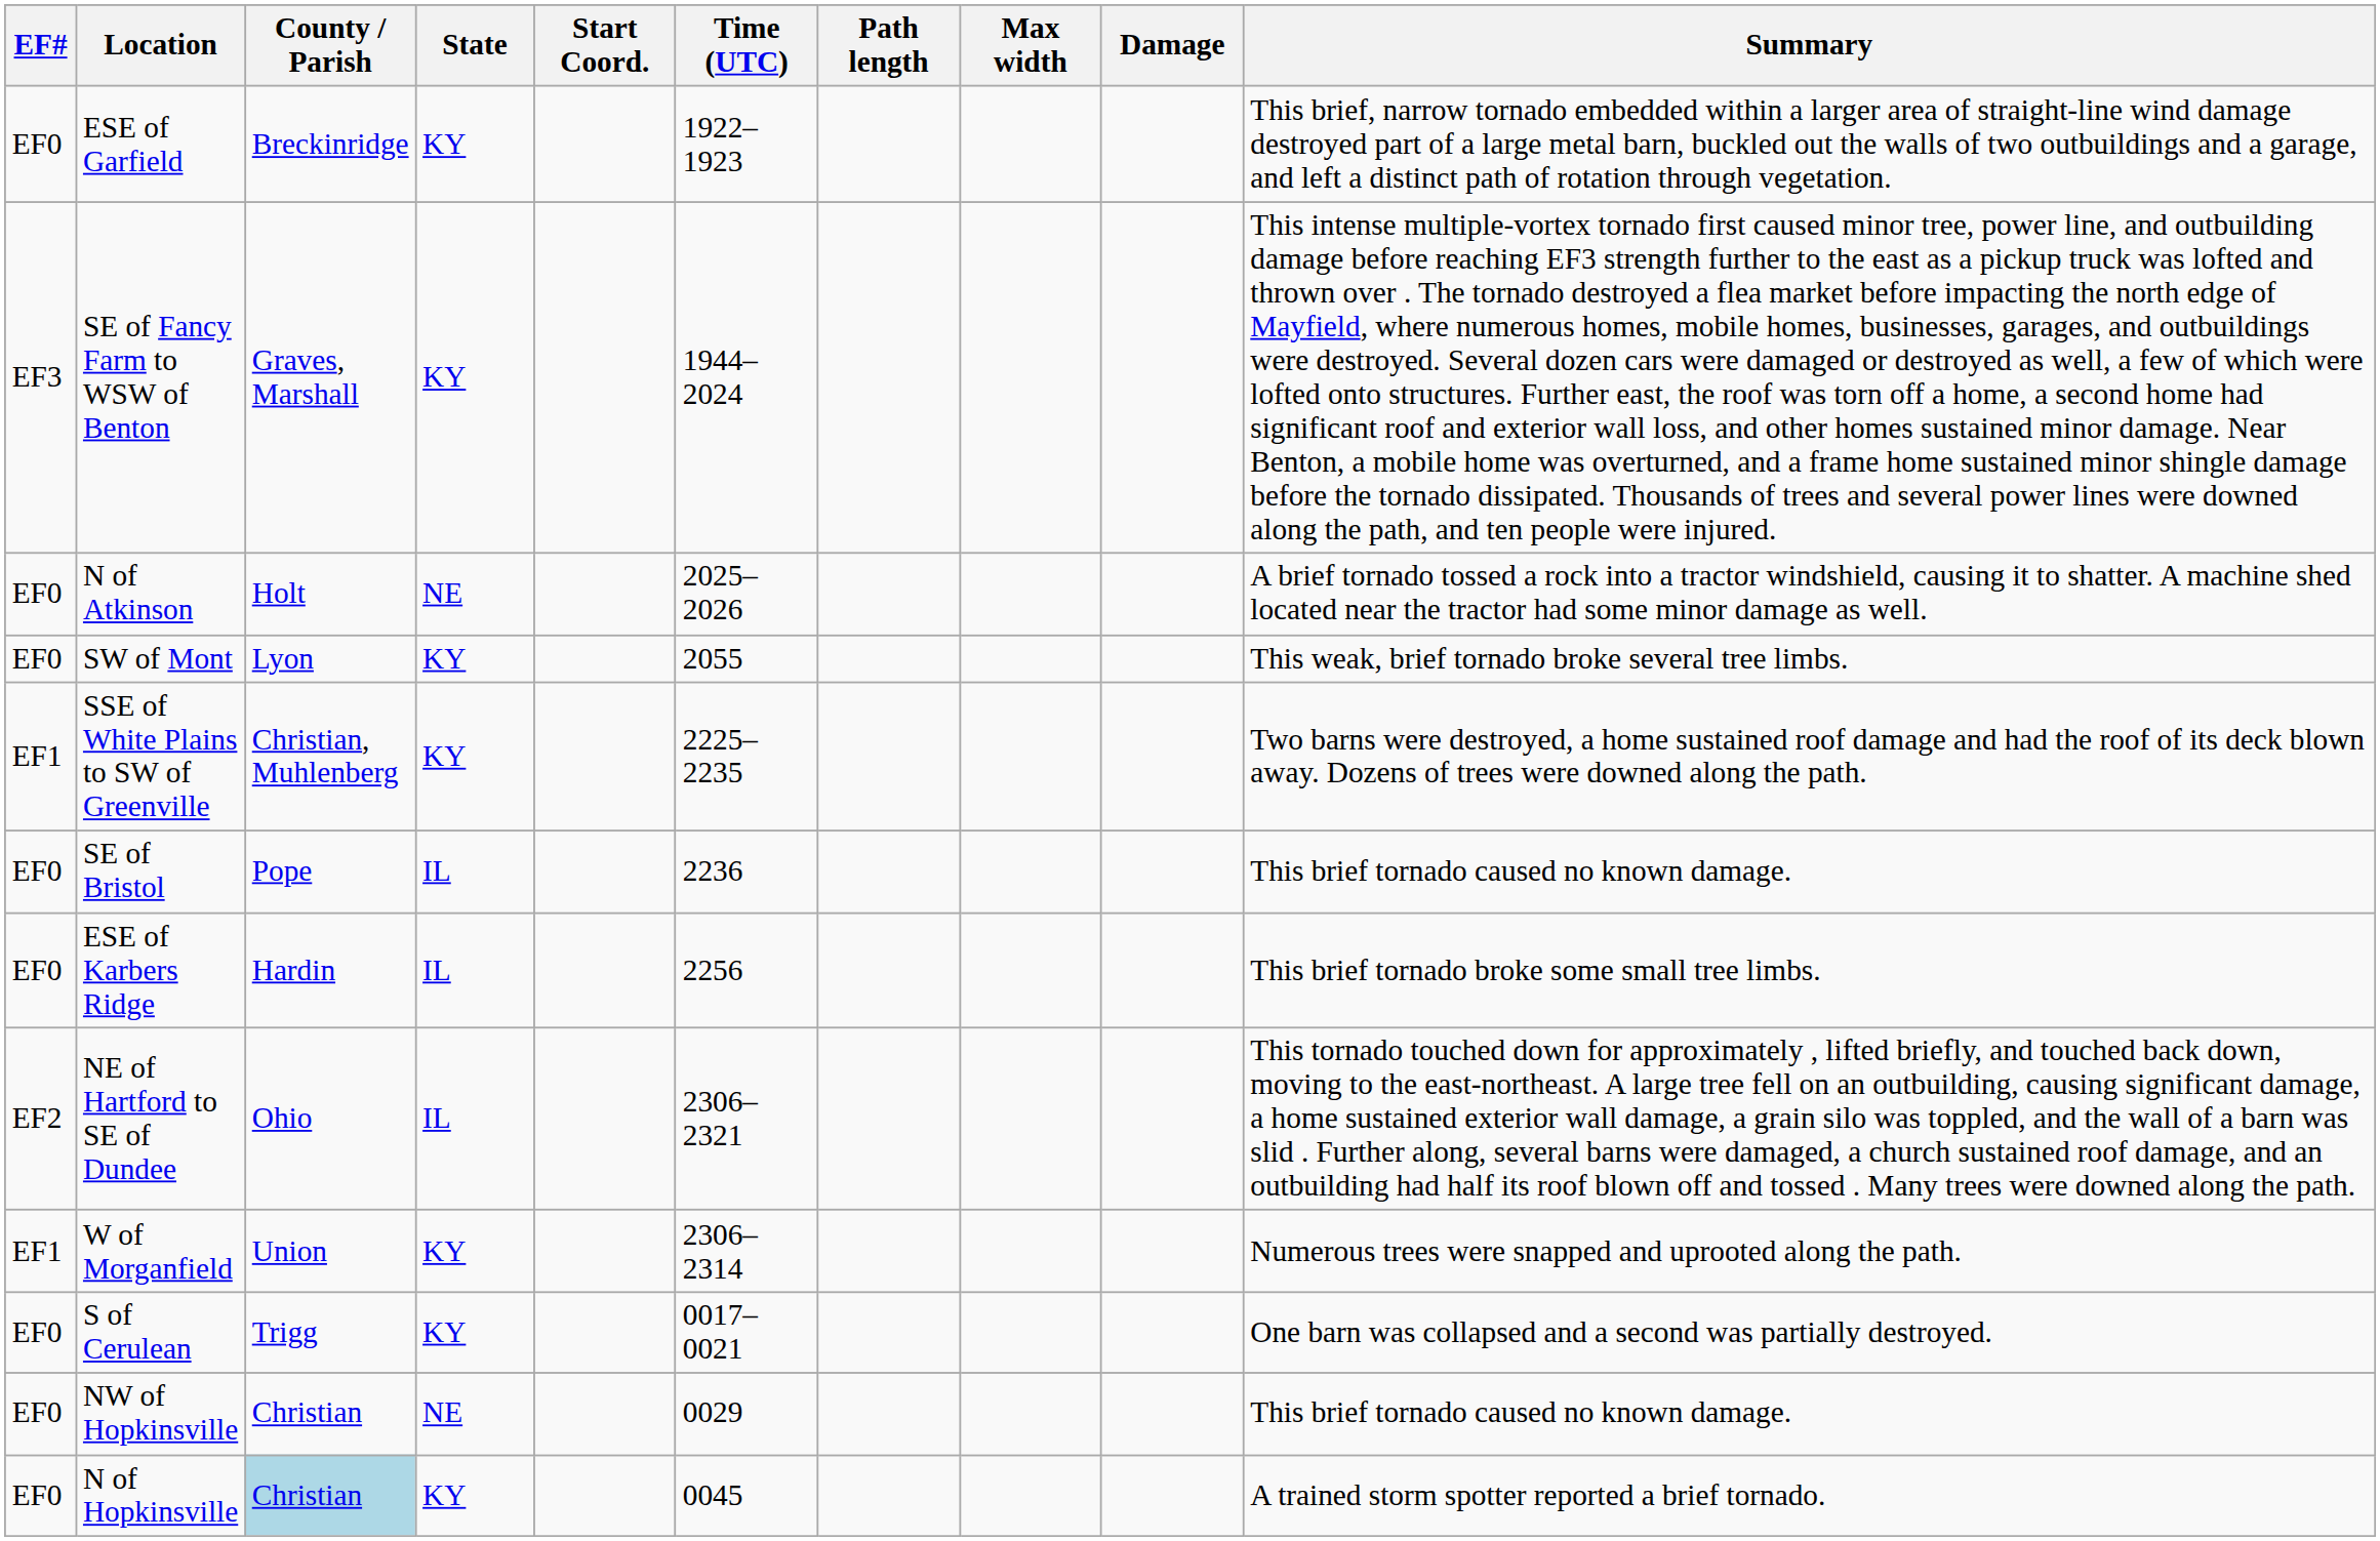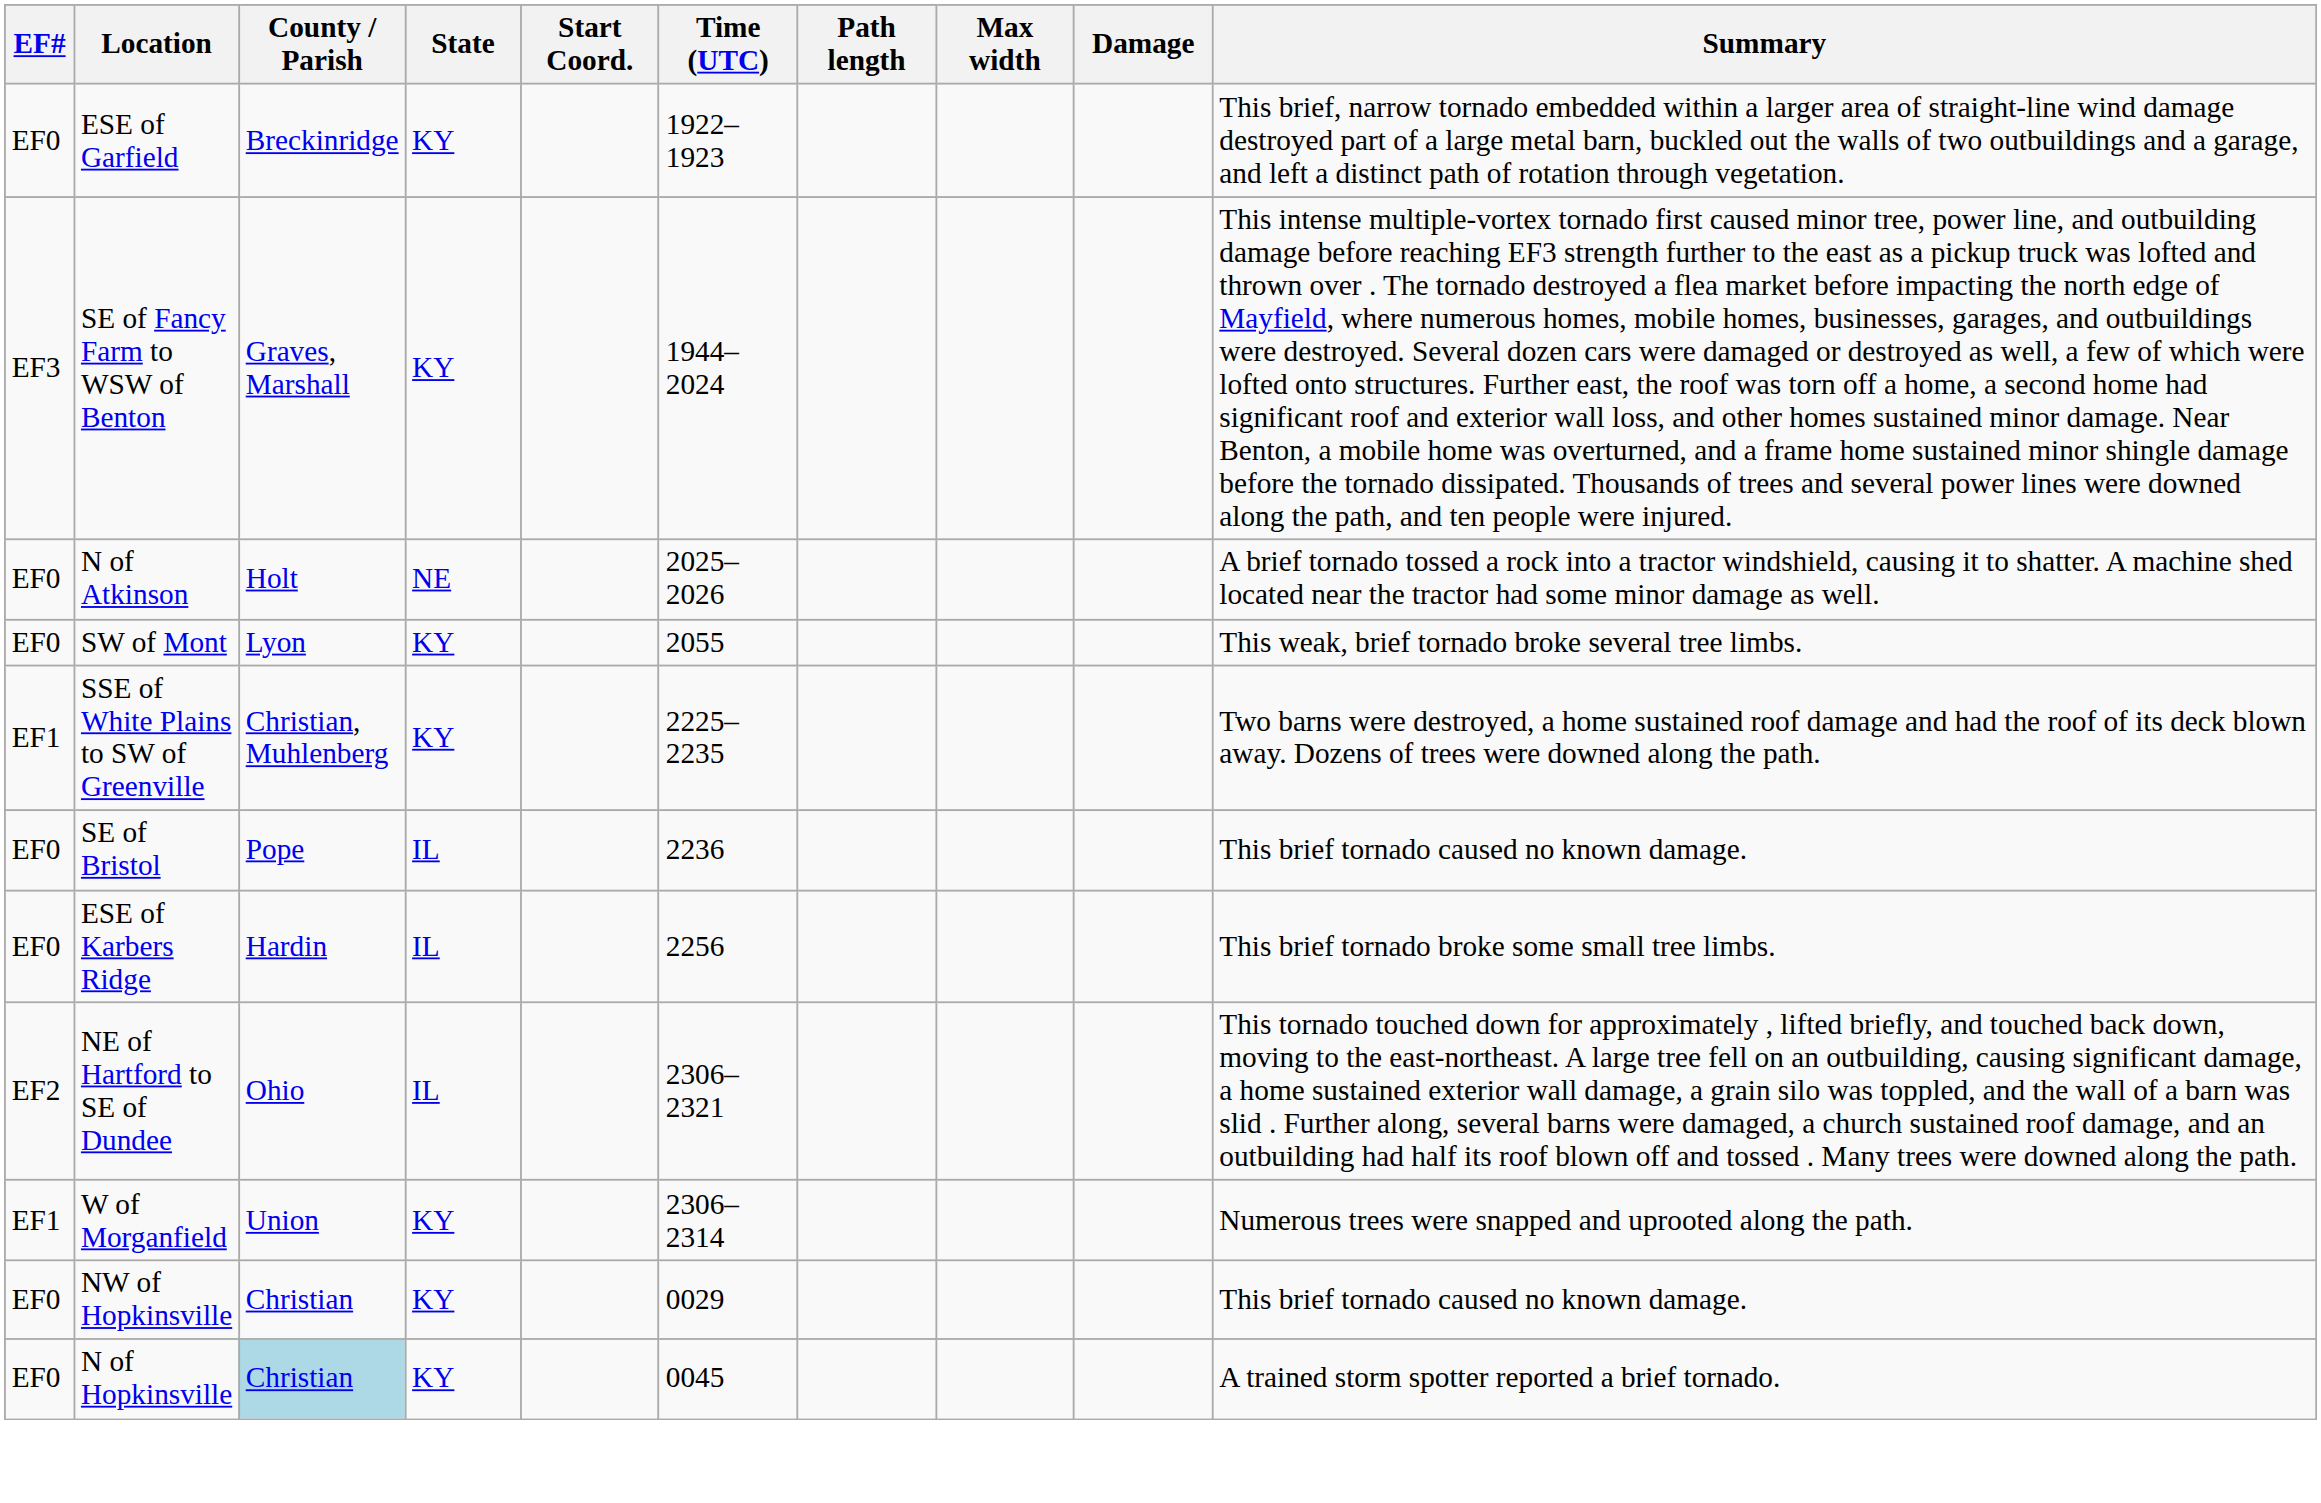 <table class="wikitable sortable" style="width:100%;">
 <tr>
 <th scope="col"  style="width:3%; text-align:center;"><a href='#'>EF#</a></th>
 <th scope="col"  style="width:7%; text-align:center;" class="unsortable">Location</th>
 <th scope="col"  style="width:6%; text-align:center;" class="unsortable">County / Parish</th>
 <th scope="col"  style="width:5%; text-align:center;">State</th>
 <th scope="col"  style="width:6%; text-align:center;">Start Coord.</th>
 <th scope="col"  style="width:6%; text-align:center;">Time (<a href='#'>UTC</a>)</th>
 <th scope="col"  style="width:6%; text-align:center;">Path length</th>
 <th scope="col"  style="width:6%; text-align:center;">Max width</th>
 <th scope="col"  style="width:6%; text-align:center;">Damage</th>
 <th scope="col" class="unsortable" style="width:48%; text-align:center;">Summary</th>
 </tr>
 <tr>
 <td>EF0</td>
 <td>ESE of <a href='#'>Garfield</a></td>
 <td><a href='#'>Breckinridge</a></td>
 <td><a href='#'>KY</a></td>
 <td></td>
 <td>1922–1923</td>
 <td></td>
 <td></td>
 <td></td>
 <td>This brief, narrow tornado embedded within a larger area of straight-line wind damage destroyed part of a large metal barn, buckled out the walls of two outbuildings and a garage, and left a distinct path of rotation through vegetation.</td>
 </tr>
 <tr>
 <td>EF3</td>
 <td>SE of <a href='#'>Fancy Farm</a> to WSW of <a href='#'>Benton</a></td>
 <td><a href='#'>Graves</a>, <a href='#'>Marshall</a></td>
 <td><a href='#'>KY</a></td>
 <td></td>
 <td>1944–2024</td>
 <td></td>
 <td></td>
 <td></td>
 <td>This intense multiple-vortex tornado first caused minor tree, power line, and outbuilding damage before reaching EF3 strength further to the east as a pickup truck was lofted and thrown over . The tornado destroyed a flea market before impacting the north edge of <a href='#'>Mayfield</a>, where numerous homes, mobile homes, businesses, garages, and outbuildings were destroyed. Several dozen cars were damaged or destroyed as well, a few of which were lofted onto structures. Further east, the roof was torn off a home, a second home had significant roof and exterior wall loss, and other homes sustained minor damage. Near Benton, a mobile home was overturned, and a frame home sustained minor shingle damage before the tornado dissipated. Thousands of trees and several power lines were downed along the path, and ten people were injured.</td>
 </tr>
 <tr>
 <td>EF0</td>
 <td>N of <a href='#'>Atkinson</a></td>
 <td><a href='#'>Holt</a></td>
 <td><a href='#'>NE</a></td>
 <td></td>
 <td>2025–2026</td>
 <td></td>
 <td></td>
 <td></td>
 <td>A brief tornado tossed a rock into a tractor windshield, causing it to shatter. A machine shed located near the tractor had some minor damage as well.</td>
 </tr>
 <tr>
 <td>EF0</td>
 <td>SW of <a href='#'>Mont</a></td>
 <td><a href='#'>Lyon</a></td>
 <td><a href='#'>KY</a></td>
 <td></td>
 <td>2055</td>
 <td></td>
 <td></td>
 <td></td>
 <td>This weak, brief tornado broke several tree limbs.</td>
 </tr>
 <tr>
 <td>EF1</td>
 <td>SSE of <a href='#'>White Plains</a> to SW of <a href='#'>Greenville</a></td>
 <td><a href='#'>Christian</a>, <a href='#'>Muhlenberg</a></td>
 <td><a href='#'>KY</a></td>
 <td></td>
 <td>2225–2235</td>
 <td></td>
 <td></td>
 <td></td>
 <td>Two barns were destroyed, a home sustained roof damage and had the roof of its deck blown away. Dozens of trees were downed along the path.</td>
 </tr>
 <tr>
 <td>EF0</td>
 <td>SE of <a href='#'>Bristol</a></td>
 <td><a href='#'>Pope</a></td>
 <td><a href='#'>IL</a></td>
 <td></td>
 <td>2236</td>
 <td></td>
 <td></td>
 <td></td>
 <td>This brief tornado caused no known damage.</td>
 </tr>
 <tr>
 <td>EF0</td>
 <td>ESE of <a href='#'>Karbers Ridge</a></td>
 <td><a href='#'>Hardin</a></td>
 <td><a href='#'>IL</a></td>
 <td></td>
 <td>2256</td>
 <td></td>
 <td></td>
 <td></td>
 <td>This brief tornado broke some small tree limbs.</td>
 </tr>
 <tr>
 <td>EF2</td>
 <td>NE of <a href='#'>Hartford</a> to SE of <a href='#'>Dundee</a></td>
 <td><a href='#'>Ohio</a></td>
 <td><a href='#'>IL</a></td>
 <td></td>
 <td>2306–2321</td>
 <td></td>
 <td></td>
 <td></td>
 <td>This tornado touched down for approximately , lifted briefly, and touched back down, moving to the east-northeast. A large tree fell on an outbuilding, causing significant damage, a home sustained exterior wall damage, a grain silo was toppled, and the wall of a  barn was slid . Further along, several barns were damaged, a church sustained roof damage, and an outbuilding had half its roof blown off and tossed . Many trees were downed along the path.</td>
 </tr>
 <tr>
 <td>EF1</td>
 <td>W of <a href='#'>Morganfield</a></td>
 <td><a href='#'>Union</a></td>
 <td><a href='#'>KY</a></td>
 <td></td>
 <td>2306–2314</td>
 <td></td>
 <td></td>
 <td></td>
 <td>Numerous trees were snapped and uprooted along the path.</td>
 </tr>
 <tr>
 <td>EF0</td>
-<td>S of <a href='#'>Cerulean</a></td>
-<td><a href='#'>Trigg</a></td>
-<td><a href='#'>KY</a></td>
-<td></td>
-<td>0017–0021</td>
-<td></td>
-<td></td>
-<td></td>
-<td>One barn was collapsed and a second was partially destroyed.</td>
-</tr>
-<tr>
-<td>EF0</td>
 <td>NW of <a href='#'>Hopkinsville</a></td>
 <td><a href='#'>Christian</a></td>
-<td><a href='#'>NE</a></td>
+<td><a href='#'>KY</a></td>
 <td></td>
 <td>0029</td>
 <td></td>
 <td></td>
 <td></td>
 <td>This brief tornado caused no known damage.</td>
 </tr>
 <tr>
 <td>EF0</td>
 <td>N of <a href='#'>Hopkinsville</a></td>
 <td style="background: lightblue;"><a href='#'>Christian</a></td>
 <td><a href='#'>KY</a></td>
 <td></td>
 <td>0045</td>
 <td></td>
 <td></td>
 <td></td>
 <td>A trained storm spotter reported a brief tornado.</td>
 </tr>
 </table>
